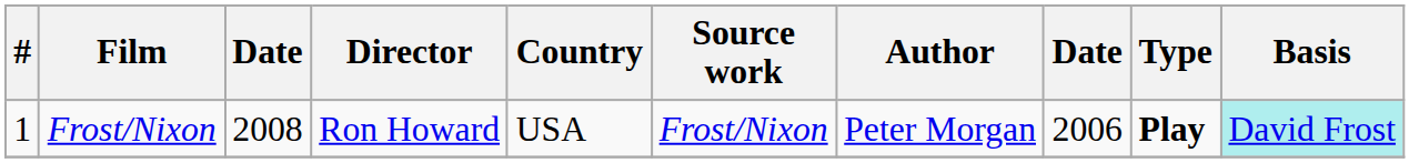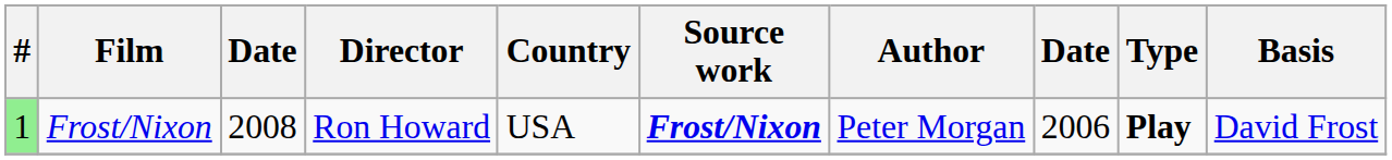 <table class="wikitable">
 <tr>
 <th>#</th>
 <th>Film</th>
 <th>Date</th>
 <th>Director</th>
 <th>Country</th>
 <th>Source<br>work</th>
 <th>Author</th>
 <th>Date</th>
 <th>Type</th>
 <th>Basis</th>
 </tr>
 <tr>
-<td>1</td>
+<td style="background: lightgreen;">1</td>
 <td><em><a href='#'>Frost/Nixon</a></em></td>
 <td>2008</td>
 <td><a href='#'>Ron Howard</a></td>
 <td>USA</td>
-<td><em><a href='#'>Frost/Nixon</a></em> </td>
+<td><strong><em><a href='#'>Frost/Nixon</a></em> </strong></td>
 <td><a href='#'>Peter Morgan</a></td>
 <td>2006</td>
 <td><strong>Play</strong></td>
-<td style="background: paleturquoise;"><a href='#'>David Frost</a></td>
+<td><a href='#'>David Frost</a></td>
 </tr>
 <tr>
 </tr>
 </table>
